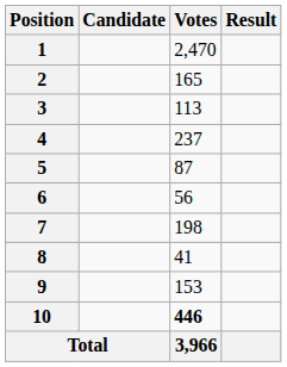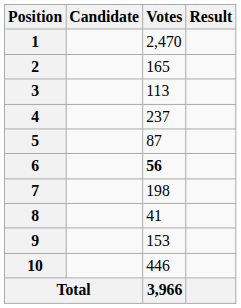 <table class="wikitable sortable col3right">
 <tr>
 <th scope="col">Position</th>
 <th scope="col">Candidate</th>
 <th scope="col">Votes</th>
 <th scope="col">Result</th>
 </tr>
 <tr>
 <th scope="row">1</th>
 <td></td>
 <td>2,470</td>
 <td></td>
 </tr>
 <tr>
 <th scope="row">2</th>
 <td></td>
 <td>165</td>
 <td></td>
 </tr>
 <tr>
 <th scope="row">3</th>
 <td></td>
 <td>113</td>
 <td></td>
 </tr>
 <tr>
 <th scope="row">4</th>
 <td></td>
 <td>237</td>
 <td></td>
 </tr>
 <tr>
 <th scope="row">5</th>
 <td></td>
 <td>87</td>
 <td></td>
 </tr>
 <tr>
 <th scope="row">6</th>
 <td></td>
-<td>56</td>
+<td><strong>56</strong></td>
 <td></td>
 </tr>
 <tr>
 <th scope="row">7</th>
 <td></td>
 <td>198</td>
 <td></td>
 </tr>
 <tr>
 <th scope="row">8</th>
 <td></td>
 <td>41</td>
 <td></td>
 </tr>
 <tr>
 <th scope="row">9</th>
 <td></td>
 <td>153</td>
 <td></td>
 </tr>
 <tr>
 <th scope="row">10</th>
 <td></td>
-<td><strong>446</strong></td>
+<td>446</td>
 <td></td>
 </tr>
 <tr class=sortbottom>
 <th scope="row" colspan="2">Total</th>
 <th style="text-align:right">3,966</th>
 <th></th>
 </tr>
 </table>
